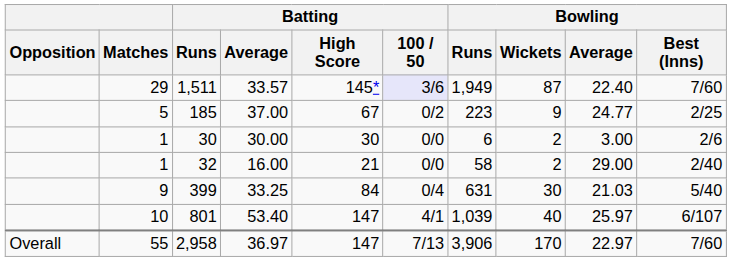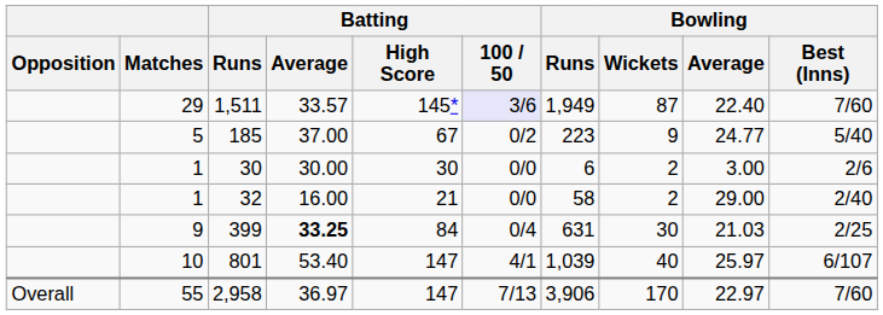 <table class="wikitable" style="margin:1em auto 1em auto" width="80%">
 <tr>
 <th colspan=2></th>
 <th colspan=4>Batting</th>
 <th colspan=4>Bowling</th>
 </tr>
 <tr>
 <th style="text-align:left">Opposition</th>
 <th>Matches</th>
 <th>Runs</th>
 <th>Average</th>
 <th>High Score</th>
 <th>100 / 50</th>
 <th>Runs</th>
 <th>Wickets</th>
 <th>Average</th>
 <th>Best (Inns)</th>
 </tr>
 <tr style="text-align:right">
 <td style="text-align:left"></td>
 <td>29</td>
 <td>1,511</td>
 <td>33.57</td>
 <td>145<a href='#'>*</a></td>
 <td style="background: lavender;">3/6</td>
 <td>1,949</td>
 <td>87</td>
 <td>22.40</td>
 <td>7/60</td>
 </tr>
 <tr style="text-align:right">
 <td style="text-align:left"></td>
 <td>5</td>
 <td>185</td>
 <td>37.00</td>
 <td>67</td>
 <td>0/2</td>
 <td>223</td>
 <td>9</td>
 <td>24.77</td>
-<td>2/25</td>
+<td>5/40</td>
 </tr>
 <tr style="text-align:right">
 <td style="text-align:left"></td>
 <td>1</td>
 <td>30</td>
 <td>30.00</td>
 <td>30</td>
 <td>0/0</td>
 <td>6</td>
 <td>2</td>
 <td>3.00</td>
 <td>2/6</td>
 </tr>
 <tr style="text-align:right">
 <td style="text-align:left"></td>
 <td>1</td>
 <td>32</td>
 <td>16.00</td>
 <td>21</td>
 <td>0/0</td>
 <td>58</td>
 <td>2</td>
 <td>29.00</td>
 <td>2/40</td>
 </tr>
 <tr style="text-align:right">
 <td style="text-align:left"></td>
 <td>9</td>
 <td>399</td>
-<td>33.25</td>
+<td><strong>33.25</strong></td>
 <td>84</td>
 <td>0/4</td>
 <td>631</td>
 <td>30</td>
 <td>21.03</td>
-<td>5/40</td>
+<td>2/25</td>
 </tr>
 <tr style="text-align:right">
 <td style="text-align:left"></td>
 <td>10</td>
 <td>801</td>
 <td>53.40</td>
 <td>147</td>
 <td>4/1</td>
 <td>1,039</td>
 <td>40</td>
 <td>25.97</td>
 <td>6/107</td>
 </tr>
 <tr style="text-align:right; border-top:solid 2px grey">
 <td style="text-align:left">Overall</td>
 <td>55</td>
 <td>2,958</td>
 <td>36.97</td>
 <td>147</td>
 <td>7/13</td>
 <td>3,906</td>
 <td>170</td>
 <td>22.97</td>
 <td>7/60</td>
 </tr>
 </table>
